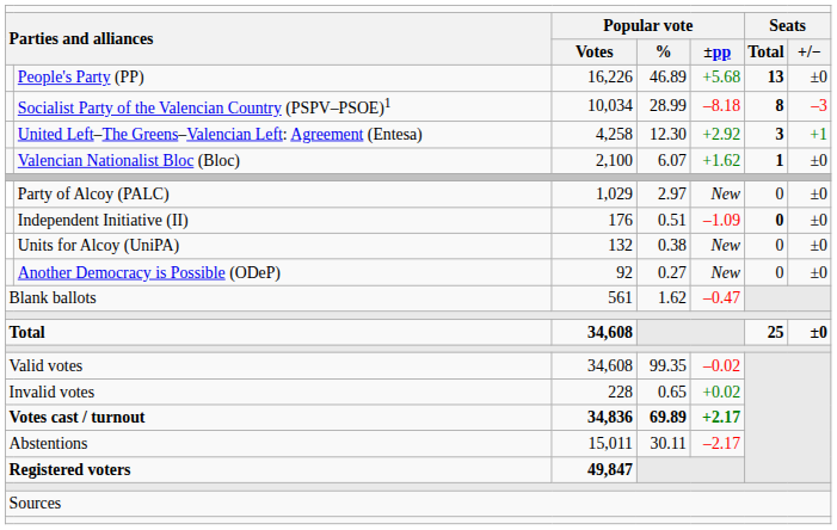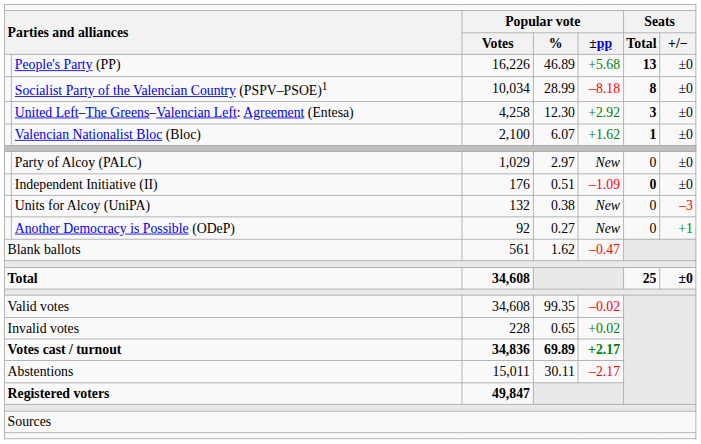 <table class="wikitable" style="text-align:right;">
 <tr>
 <td colspan="7"></td>
 </tr>
 <tr>
 <th style="text-align:left;" rowspan="2" colspan="2" width="525">Parties and alliances</th>
 <th colspan="3">Popular vote</th>
 <th colspan="2">Seats</th>
 </tr>
 <tr>
 <th width="75">Votes</th>
 <th width="45">%</th>
 <th width="45">±<a href='#'>pp</a></th>
 <th width="35">Total</th>
 <th width="35">+/−</th>
 </tr>
 <tr>
 <td width="1" style="color:inherit;background:"></td>
 <td align="left"><a href='#'>People's Party</a> (PP)</td>
 <td>16,226</td>
 <td>46.89</td>
 <td style="color:green;">+5.68</td>
 <td><strong>13</strong></td>
 <td>±0</td>
 </tr>
 <tr>
 <td style="color:inherit;background:"></td>
 <td align="left"><a href='#'>Socialist Party of the Valencian Country</a> (PSPV–PSOE)<sup>1</sup></td>
 <td>10,034</td>
 <td>28.99</td>
 <td style="color:red;">–8.18</td>
 <td><strong>8</strong></td>
-<td style="color:red;">–3</td>
+<td>±0</td>
 </tr>
 <tr>
 <td style="color:inherit;background:"></td>
 <td align="left"><a href='#'>United Left</a>–<a href='#'>The Greens</a>–<a href='#'>Valencian Left</a>: <a href='#'>Agreement</a> (Entesa)</td>
 <td>4,258</td>
 <td>12.30</td>
 <td style="color:green;">+2.92</td>
 <td><strong>3</strong></td>
-<td style="color:green;">+1</td>
+<td>±0</td>
 </tr>
 <tr>
 <td style="color:inherit;background:"></td>
 <td align="left"><a href='#'>Valencian Nationalist Bloc</a> (Bloc)</td>
 <td>2,100</td>
 <td>6.07</td>
 <td style="color:green;">+1.62</td>
 <td><strong>1</strong></td>
 <td>±0</td>
 </tr>
 <tr>
 <td colspan="7" bgcolor="#C0C0C0"></td>
 </tr>
 <tr>
 <td bgcolor="white"></td>
 <td align="left">Party of Alcoy (PALC)</td>
 <td>1,029</td>
 <td>2.97</td>
 <td><em>New</em></td>
 <td>0</td>
 <td>±0</td>
 </tr>
 <tr>
 <td style="color:inherit;background:"></td>
 <td align="left">Independent Initiative (II)</td>
 <td>176</td>
 <td>0.51</td>
 <td style="color:red;">–1.09</td>
 <td><strong>0</strong></td>
 <td>±0</td>
 </tr>
 <tr>
 <td bgcolor="white"></td>
 <td align="left">Units for Alcoy (UniPA)</td>
 <td>132</td>
 <td>0.38</td>
 <td><em>New</em></td>
 <td>0</td>
-<td>±0</td>
+<td style="color:red;">–3</td>
 </tr>
 <tr>
 <td style="color:inherit;background:"></td>
 <td align="left"><a href='#'>Another Democracy is Possible</a> (ODeP)</td>
 <td>92</td>
 <td>0.27</td>
 <td><em>New</em></td>
 <td>0</td>
-<td>±0</td>
+<td style="color:green;">+1</td>
 </tr>
 <tr>
 <td align="left" colspan="2">Blank ballots</td>
 <td>561</td>
 <td>1.62</td>
 <td style="color:red;">–0.47</td>
 <td bgcolor="#E9E9E9" colspan="2"></td>
 </tr>
 <tr>
 <td colspan="7" bgcolor="#E9E9E9"></td>
 </tr>
 <tr style="font-weight:bold;">
 <td align="left" colspan="2">Total</td>
 <td>34,608</td>
 <td bgcolor="#E9E9E9" colspan="2"></td>
 <td>25</td>
 <td>±0</td>
 </tr>
 <tr>
 <td colspan="7" bgcolor="#E9E9E9"></td>
 </tr>
 <tr>
 <td align="left" colspan="2">Valid votes</td>
 <td>34,608</td>
 <td>99.35</td>
 <td style="color:red;">–0.02</td>
 <td bgcolor="#E9E9E9" colspan="2" rowspan="5"></td>
 </tr>
 <tr>
 <td align="left" colspan="2">Invalid votes</td>
 <td>228</td>
 <td>0.65</td>
 <td style="color:green;">+0.02</td>
 </tr>
 <tr style="font-weight:bold;">
 <td align="left" colspan="2">Votes cast / turnout</td>
 <td>34,836</td>
 <td>69.89</td>
 <td style="color:green;">+2.17</td>
 </tr>
 <tr>
 <td align="left" colspan="2">Abstentions</td>
 <td>15,011</td>
 <td>30.11</td>
 <td style="color:red;">–2.17</td>
 </tr>
 <tr style="font-weight:bold;">
 <td align="left" colspan="2">Registered voters</td>
 <td>49,847</td>
 <td bgcolor="#E9E9E9" colspan="2"></td>
 </tr>
 <tr>
 <td colspan="7" bgcolor="#E9E9E9"></td>
 </tr>
 <tr>
 <td align="left" colspan="7">Sources</td>
 </tr>
 <tr>
 <td colspan="7" style="text-align:left; max-width:790px;"></td>
 </tr>
 </table>
